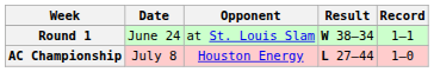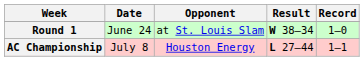 <table class="wikitable" style="text-align:center">
 <tr>
 <th>Week</th>
 <th>Date</th>
 <th>Opponent</th>
 <th>Result</th>
 <th>Record</th>
 </tr>
 <tr>
 </tr>
 <tr style="background:#cfc">
 <th>Round 1</th>
 <td>June 24</td>
 <td>at <a href='#'>St. Louis Slam</a></td>
 <td><strong>W</strong> 38–34</td>
-<td>1–1</td>
+<td>1–0</td>
 </tr>
 <tr style="background:#fcc">
 <th><abbr>AC Championship</abbr></th>
 <td>July 8</td>
 <td><a href='#'>Houston Energy</a></td>
 <td><strong>L</strong> 27–44</td>
-<td>1–0</td>
+<td>1–1</td>
 </tr>
 </table>
